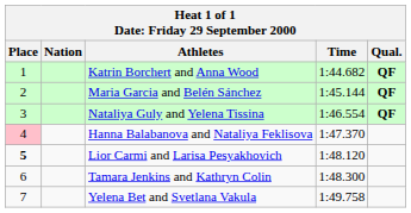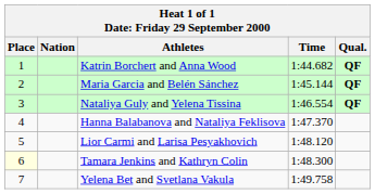 <table class="wikitable sortable">
 <tr>
 <th colspan=5>Heat 1 of 1 <br> Date: Friday 29 September 2000</th>
 </tr>
 <tr>
 <th rowspan=1>Place</th>
 <th rowspan=1>Nation</th>
 <th rowspan=1>Athletes</th>
 <th rowspan=1>Time</th>
 <th rowspan=1>Qual.</th>
 </tr>
 <tr bgcolor="ccffcc">
 <td align="center">1</td>
 <td align="left"></td>
 <td align="left"><a href='#'>Katrin Borchert</a> and <a href='#'>Anna Wood</a></td>
 <td align="center">1:44.682</td>
 <td align="center"><strong>QF</strong></td>
 </tr>
 <tr bgcolor="ccffcc">
 <td align="center">2</td>
 <td align="left"></td>
 <td align="left"><a href='#'>Maria Garcia</a> and <a href='#'>Belén Sánchez</a></td>
 <td align="center">1:45.144</td>
 <td align="center"><strong>QF</strong></td>
 </tr>
 <tr bgcolor="ccffcc">
 <td align="center">3</td>
 <td align="left"></td>
 <td align="left"><a href='#'>Nataliya Guly</a> and <a href='#'>Yelena Tissina</a></td>
 <td align="center">1:46.554</td>
 <td align="center"><strong>QF</strong></td>
 </tr>
 <tr>
-<td align="center" style="background: pink;">4</td>
+<td align="center">4</td>
 <td align="left"></td>
 <td align="left"><a href='#'>Hanna Balabanova</a> and <a href='#'>Nataliya Feklisova</a></td>
 <td align="center">1:47.370</td>
 <td align="center"></td>
 </tr>
 <tr>
-<td align="center"><strong>5</strong></td>
+<td align="center">5</td>
 <td align="left"></td>
 <td align="left"><a href='#'>Lior Carmi</a> and <a href='#'>Larisa Pesyakhovich</a></td>
 <td align="center">1:48.120</td>
 <td align="center"></td>
 </tr>
 <tr>
-<td align="center">6</td>
+<td align="center" style="background: lightyellow;">6</td>
 <td align="left"></td>
 <td align="left"><a href='#'>Tamara Jenkins</a> and <a href='#'>Kathryn Colin</a></td>
 <td align="center">1:48.300</td>
 <td align="center"></td>
 </tr>
 <tr>
 <td align="center">7</td>
 <td align="left"></td>
 <td align="left"><a href='#'>Yelena Bet</a> and <a href='#'>Svetlana Vakula</a></td>
 <td align="center">1:49.758</td>
 <td align="center"></td>
 </tr>
 </table>
